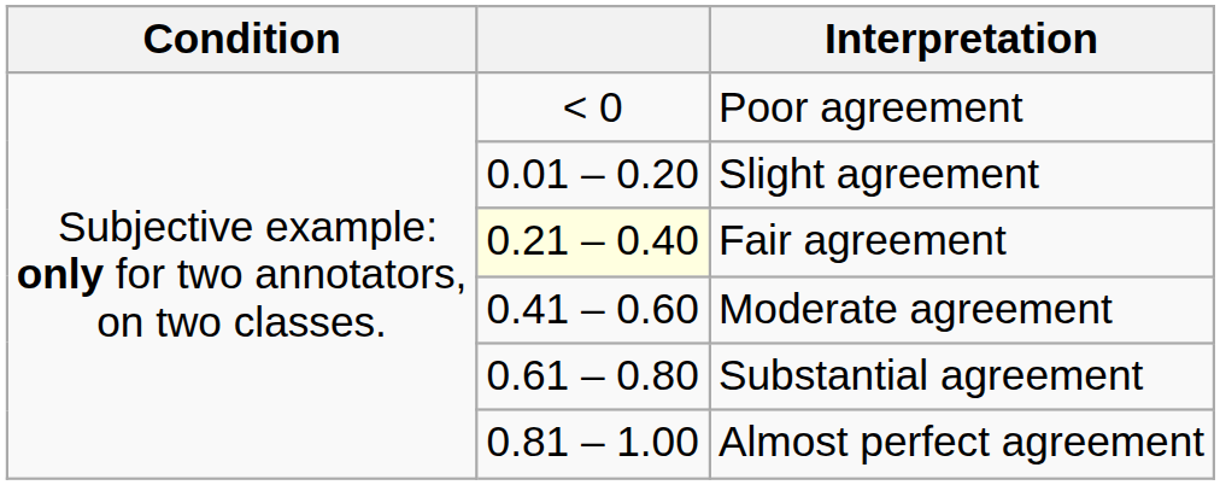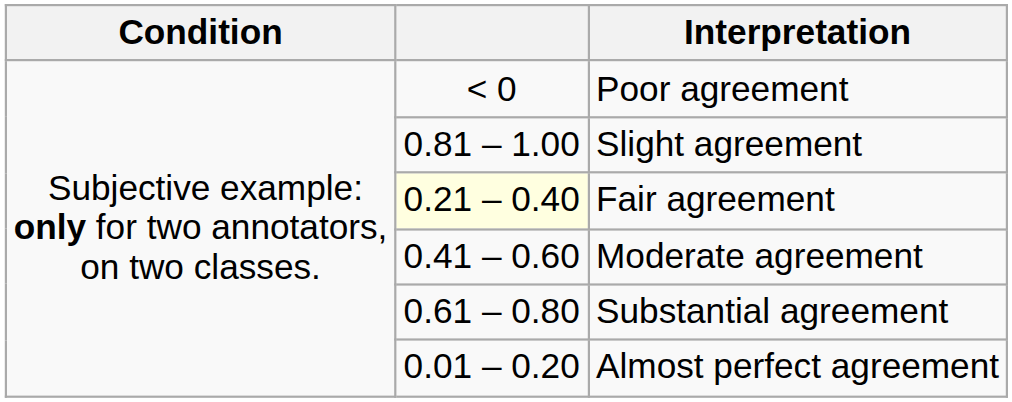 <table class=wikitable style="margin-left: auto; margin-right: auto; border: none;">
 <tr>
 <th>Condition</th>
 <th></th>
 <th>Interpretation</th>
 </tr>
 <tr>
 <td rowspan=6 align=center> Subjective example: <br> <strong>only</strong> for two annotators, <br>on two classes.</td>
 <td align=center>< 0</td>
 <td>Poor agreement</td>
 </tr>
 <tr>
-<td align=center>0.01 – 0.20</td>
+<td align=center>0.81 – 1.00</td>
 <td>Slight agreement</td>
 </tr>
 <tr>
 <td align=center style="background: lightyellow;">0.21 – 0.40</td>
 <td>Fair agreement</td>
 </tr>
 <tr>
 <td align=center>0.41 – 0.60</td>
 <td>Moderate agreement</td>
 </tr>
 <tr>
 <td align=center>0.61 – 0.80</td>
 <td>Substantial agreement</td>
 </tr>
 <tr>
-<td align=center>0.81 – 1.00</td>
+<td align=center>0.01 – 0.20</td>
 <td>Almost perfect agreement</td>
 </tr>
 <tr>
 </tr>
 </table>
